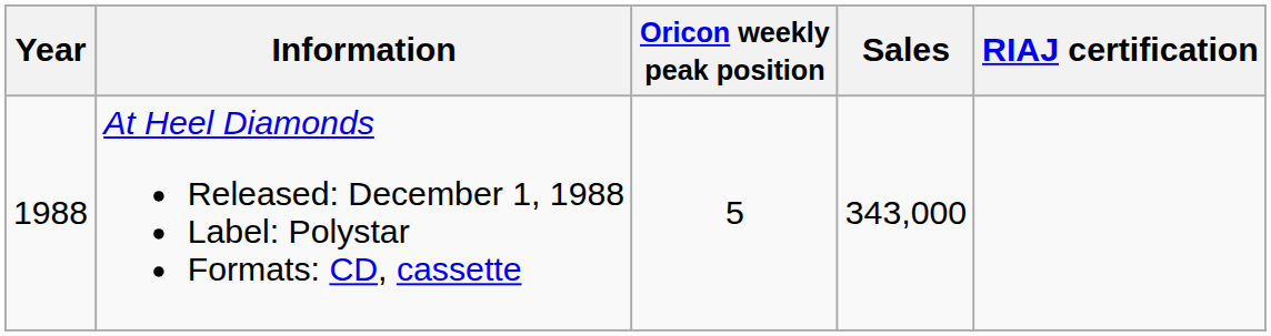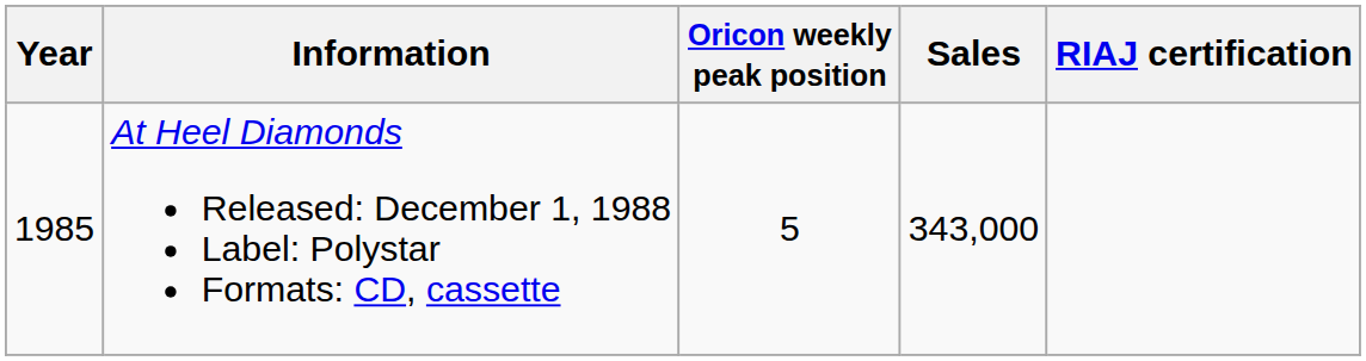 <table class="wikitable">
 <tr>
 <th>Year</th>
 <th>Information</th>
 <th><small><a href='#'>Oricon</a> weekly<br>peak position</small></th>
 <th>Sales<br></th>
 <th><a href='#'>RIAJ</a> certification</th>
 </tr>
 <tr>
-<td>1988</td>
+<td>1985</td>
 <td><em><a href='#'>At Heel Diamonds</a></em><br><ul><li>Released: December 1, 1988</li><li>Label: Polystar</li><li>Formats: <a href='#'>CD</a>, <a href='#'>cassette</a></li></ul></td>
 <td style="text-align:center;">5</td>
 <td align="left">343,000</td>
 <td align="left"></td>
 </tr>
 </table>
